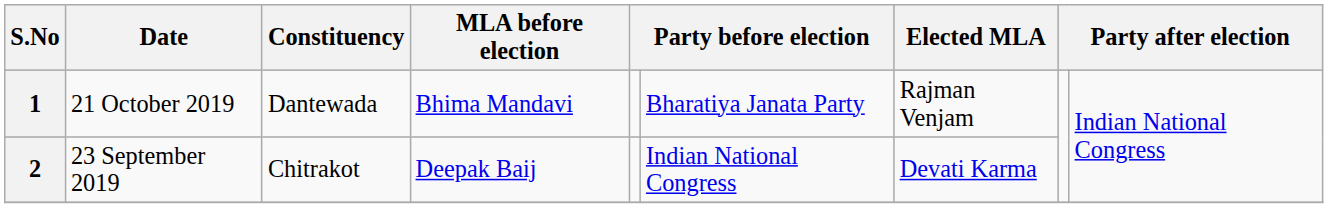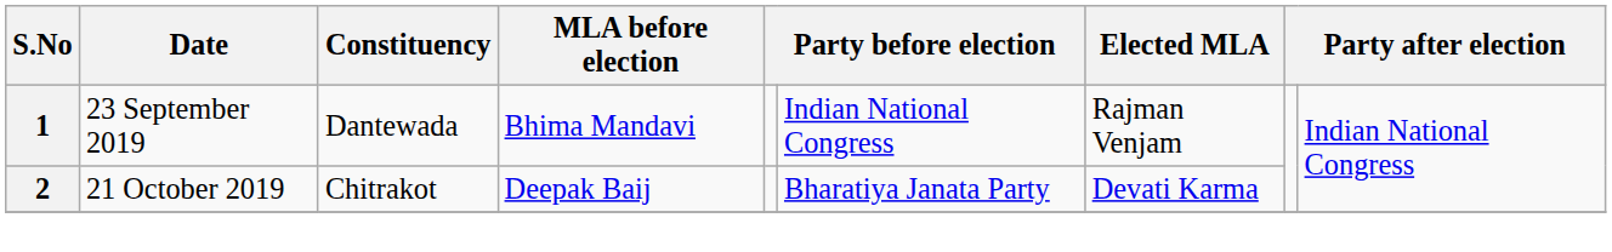 <table class="wikitable sortable">
 <tr>
 <th>S.No</th>
 <th>Date</th>
 <th>Constituency</th>
 <th>MLA before election</th>
 <th colspan="2">Party before election</th>
 <th>Elected MLA</th>
 <th colspan="2">Party after election</th>
 </tr>
 <tr>
 <th>1</th>
-<td>21 October 2019</td>
+<td>23 September 2019</td>
 <td>Dantewada</td>
 <td><a href='#'>Bhima Mandavi</a></td>
 <td></td>
-<td><a href='#'>Bharatiya Janata Party</a></td>
+<td><a href='#'>Indian National Congress</a></td>
 <td>Rajman Venjam</td>
 <td rowspan="2"></td>
 <td rowspan="2"><a href='#'>Indian National Congress</a></td>
 </tr>
 <tr>
 <th>2</th>
-<td>23 September 2019</td>
+<td>21 October 2019</td>
 <td>Chitrakot</td>
 <td><a href='#'>Deepak Baij</a></td>
 <td></td>
-<td><a href='#'>Indian National Congress</a></td>
+<td><a href='#'>Bharatiya Janata Party</a></td>
 <td><a href='#'>Devati Karma</a></td>
 </tr>
 <tr>
 </tr>
 </table>
